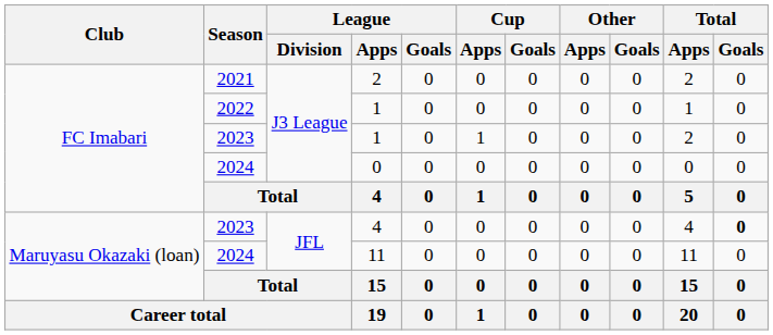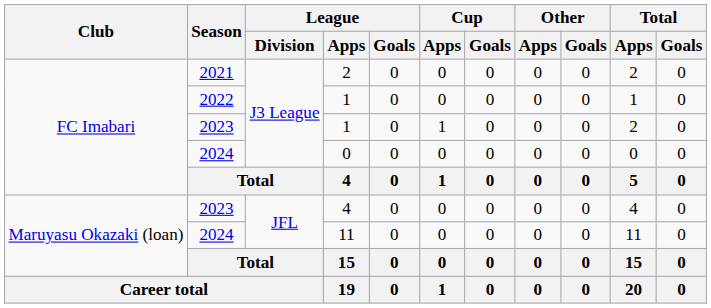 <table class=wikitable style=text-align:center>
 <tr>
 <th rowspan="2">Club</th>
 <th rowspan="2">Season</th>
 <th colspan="3">League</th>
 <th colspan="2">Cup</th>
 <th colspan="2">Other</th>
 <th colspan="2">Total</th>
 </tr>
 <tr>
 <th>Division</th>
 <th>Apps</th>
 <th>Goals</th>
 <th>Apps</th>
 <th>Goals</th>
 <th>Apps</th>
 <th>Goals</th>
 <th>Apps</th>
 <th>Goals</th>
 </tr>
 <tr>
 <td rowspan="5"><a href='#'>FC Imabari</a></td>
 <td><a href='#'>2021</a></td>
 <td rowspan="4"><a href='#'>J3 League</a></td>
 <td>2</td>
 <td>0</td>
 <td>0</td>
 <td>0</td>
 <td>0</td>
 <td>0</td>
 <td>2</td>
 <td>0</td>
 </tr>
 <tr>
 <td><a href='#'>2022</a></td>
 <td>1</td>
 <td>0</td>
 <td>0</td>
 <td>0</td>
 <td>0</td>
 <td>0</td>
 <td>1</td>
 <td>0</td>
 </tr>
 <tr>
 <td><a href='#'>2023</a></td>
 <td>1</td>
 <td>0</td>
 <td>1</td>
 <td>0</td>
 <td>0</td>
 <td>0</td>
 <td>2</td>
 <td>0</td>
 </tr>
 <tr>
 <td><a href='#'>2024</a></td>
 <td>0</td>
 <td>0</td>
 <td>0</td>
 <td>0</td>
 <td>0</td>
 <td>0</td>
 <td>0</td>
 <td>0</td>
 </tr>
 <tr>
 <th colspan=2>Total</th>
 <th>4</th>
 <th>0</th>
 <th>1</th>
 <th>0</th>
 <th>0</th>
 <th>0</th>
 <th>5</th>
 <th>0</th>
 </tr>
 <tr>
 <td rowspan="3"><a href='#'>Maruyasu Okazaki</a> (loan)</td>
 <td><a href='#'>2023</a></td>
 <td rowspan="2"><a href='#'>JFL</a></td>
 <td>4</td>
 <td>0</td>
 <td>0</td>
 <td>0</td>
 <td>0</td>
 <td>0</td>
 <td>4</td>
-<td><strong>0</strong></td>
+<td>0</td>
 </tr>
 <tr>
 <td><a href='#'>2024</a></td>
 <td>11</td>
 <td>0</td>
 <td>0</td>
 <td>0</td>
 <td>0</td>
 <td>0</td>
 <td>11</td>
 <td>0</td>
 </tr>
 <tr>
 <th colspan=2>Total</th>
 <th>15</th>
 <th>0</th>
 <th>0</th>
 <th>0</th>
 <th>0</th>
 <th>0</th>
 <th>15</th>
 <th>0</th>
 </tr>
 <tr>
 <th colspan=3>Career total</th>
 <th>19</th>
 <th>0</th>
 <th>1</th>
 <th>0</th>
 <th>0</th>
 <th>0</th>
 <th>20</th>
 <th>0</th>
 </tr>
 </table>
